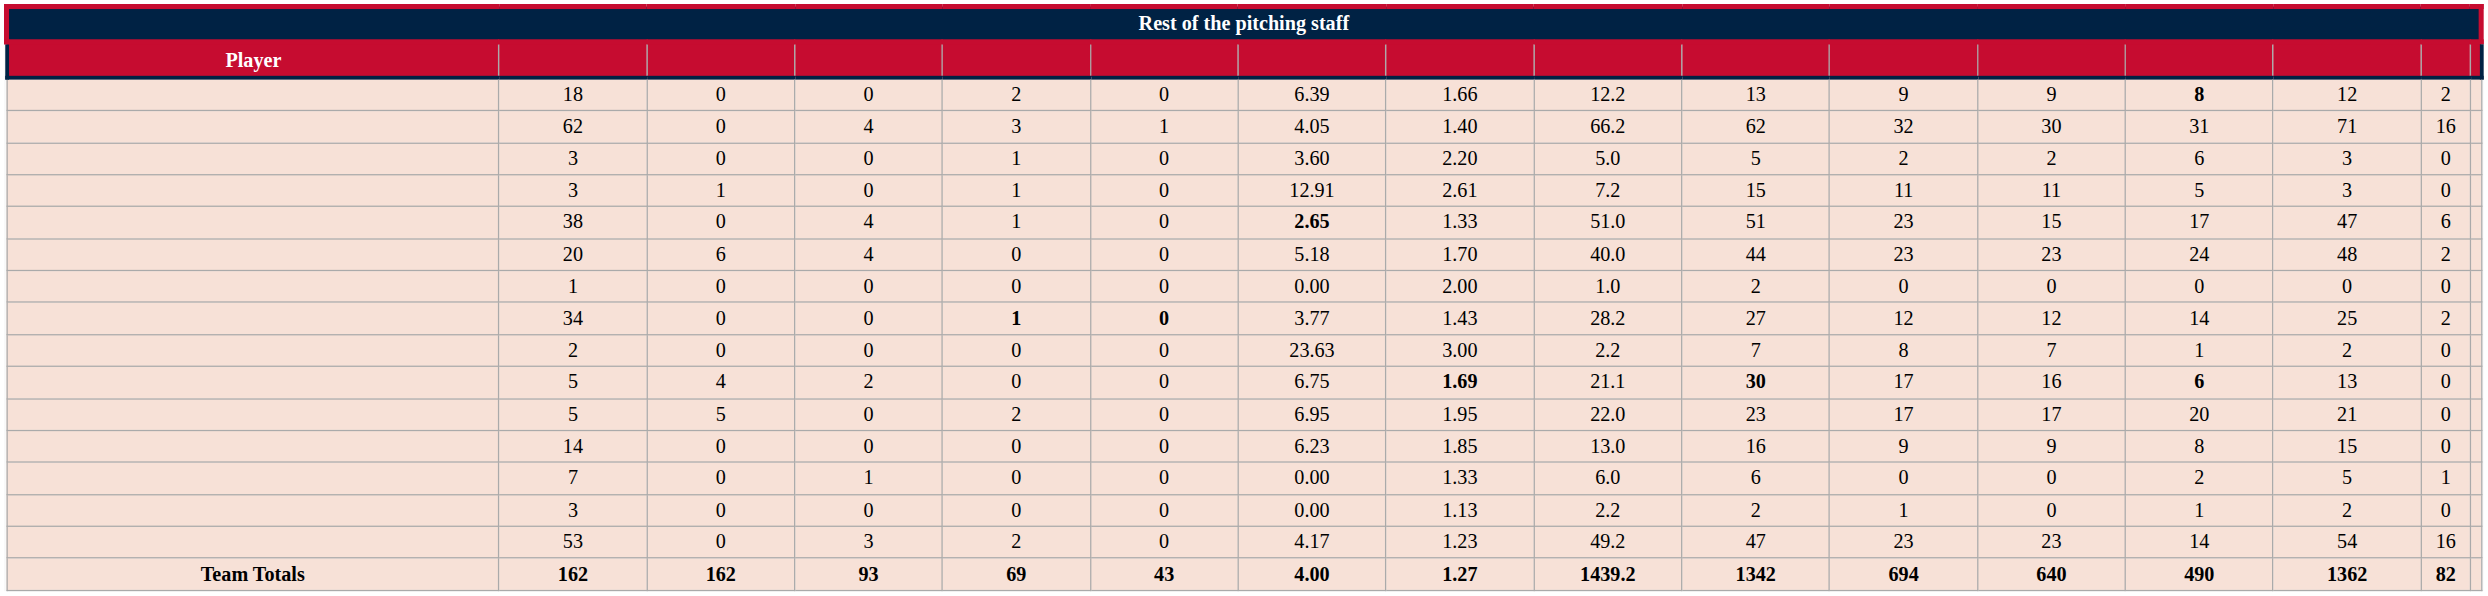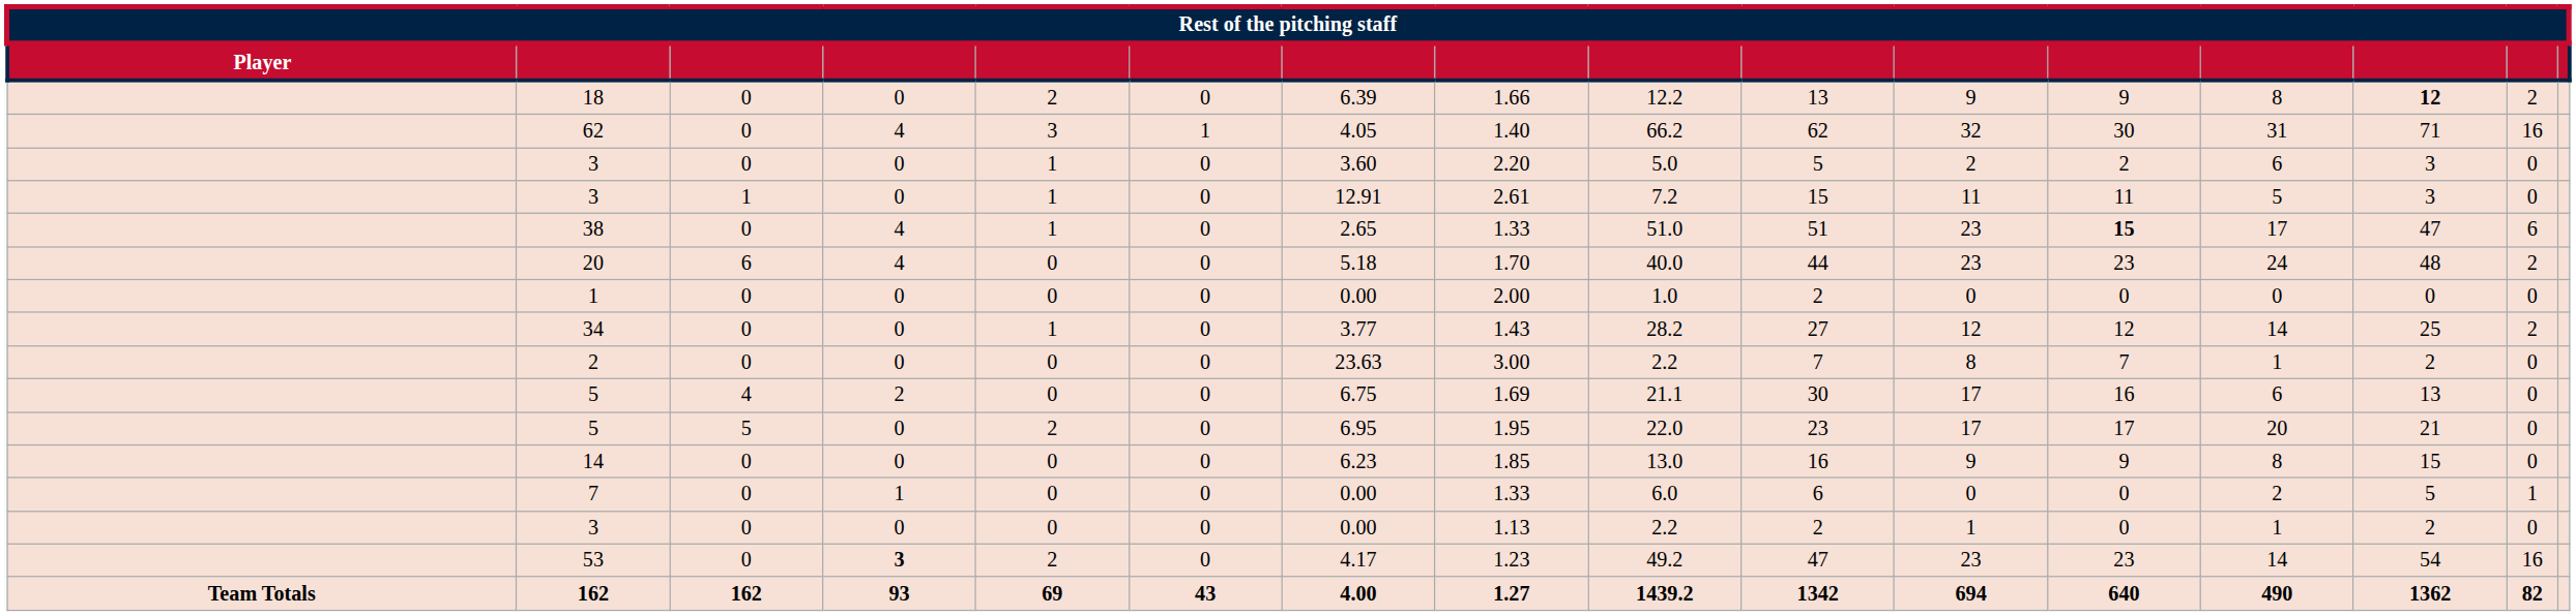 <table class="wikitable sortable mw-collapsible mw-collapsed">
 <tr>
 <th colspan=16 style="background:#024; border: 4px solid #c60c30;color:white;">Rest of the pitching staff</th>
 </tr>
 <tr>
 <th style="background:#c60c30; width:20%; color:#fff; border-top: 3px solid #024; border-bottom: 3px solid #024; border-left: 3px solid #024;">Player</th>
 <th style="background:#c60c30; width:6%; color:#fff; border-top: 3px solid #024; border-bottom: 3px solid #024;"></th>
 <th style="background:#c60c30; width:6%; color:#fff; border-top: 3px solid #024; border-bottom: 3px solid #024;"></th>
 <th style="background:#c60c30; width:6%; color:#fff; border-top: 3px solid #024; border-bottom: 3px solid #024;"></th>
 <th style="background:#c60c30; width:6%; color:#fff; border-top: 3px solid #024; border-bottom: 3px solid #024;"></th>
 <th style="background:#c60c30; width:6%; color:#fff; border-top: 3px solid #024; border-bottom: 3px solid #024;"></th>
 <th style="background:#c60c30; width:6%; color:#fff; border-top: 3px solid #024; border-bottom: 3px solid #024;"></th>
 <th style="background:#c60c30; width:6%; color:#fff; border-top: 3px solid #024; border-bottom: 3px solid #024;"></th>
 <th style="background:#c60c30; width:6%; color:#fff; border-top: 3px solid #024; border-bottom: 3px solid #024;"></th>
 <th style="background:#c60c30; width:6%; color:#fff; border-top: 3px solid #024; border-bottom: 3px solid #024;"></th>
 <th style="background:#c60c30; width:6%; color:#fff; border-top: 3px solid #024; border-bottom: 3px solid #024;"></th>
 <th style="background:#c60c30; width:6%; color:#fff; border-top: 3px solid #024; border-bottom: 3px solid #024;"></th>
 <th style="background:#c60c30; width:6%; color:#fff; border-top: 3px solid #024; border-bottom: 3px solid #024;"></th>
 <th style="background:#c60c30; width:6%; color:#fff; border-top: 3px solid #024; border-bottom: 3px solid #024;"></th>
 <th style="background:#c60c30; width:6%; color:#fff; border-top: 3px solid #024; border-bottom: 3px solid #024;"></th>
 <th style="background:#c60c30; width:6%; color:#fff; border-top: 3px solid #024; border-bottom: 3px solid #024; border-right: 3px solid #024;"></th>
 </tr>
 <tr style="text-align:center; background:#f7e1d7;">
 <td></td>
 <td>18</td>
 <td>0</td>
 <td>0</td>
 <td>2</td>
 <td>0</td>
 <td>6.39</td>
 <td>1.66</td>
 <td>12.2</td>
 <td>13</td>
 <td>9</td>
 <td>9</td>
-<td><strong>8</strong></td>
-<td>12</td>
+<td>8</td>
+<td><strong>12</strong></td>
 <td>2</td>
 <td></td>
 </tr>
 <tr style="text-align:center; background:#f7e1d7;">
 <td></td>
 <td>62</td>
 <td>0</td>
 <td>4</td>
 <td>3</td>
 <td>1</td>
 <td>4.05</td>
 <td>1.40</td>
 <td>66.2</td>
 <td>62</td>
 <td>32</td>
 <td>30</td>
 <td>31</td>
 <td>71</td>
 <td>16</td>
 <td></td>
 </tr>
 <tr style="text-align:center; background:#f7e1d7;">
 <td></td>
 <td>3</td>
 <td>0</td>
 <td>0</td>
 <td>1</td>
 <td>0</td>
 <td>3.60</td>
 <td>2.20</td>
 <td>5.0</td>
 <td>5</td>
 <td>2</td>
 <td>2</td>
 <td>6</td>
 <td>3</td>
 <td>0</td>
 <td></td>
 </tr>
 <tr style="text-align:center; background:#f7e1d7;">
 <td></td>
 <td>3</td>
 <td>1</td>
 <td>0</td>
 <td>1</td>
 <td>0</td>
 <td>12.91</td>
 <td>2.61</td>
 <td>7.2</td>
 <td>15</td>
 <td>11</td>
 <td>11</td>
 <td>5</td>
 <td>3</td>
 <td>0</td>
 <td></td>
 </tr>
 <tr style="text-align:center; background:#f7e1d7;">
 <td></td>
 <td>38</td>
 <td>0</td>
 <td>4</td>
 <td>1</td>
 <td>0</td>
-<td><strong>2.65</strong></td>
+<td>2.65</td>
 <td>1.33</td>
 <td>51.0</td>
 <td>51</td>
 <td>23</td>
-<td>15</td>
+<td><strong>15</strong></td>
 <td>17</td>
 <td>47</td>
 <td>6</td>
 <td></td>
 </tr>
 <tr style="text-align:center; background:#f7e1d7;">
 <td></td>
 <td>20</td>
 <td>6</td>
 <td>4</td>
 <td>0</td>
 <td>0</td>
 <td>5.18</td>
 <td>1.70</td>
 <td>40.0</td>
 <td>44</td>
 <td>23</td>
 <td>23</td>
 <td>24</td>
 <td>48</td>
 <td>2</td>
 <td></td>
 </tr>
 <tr style="text-align:center; background:#f7e1d7;">
 <td></td>
 <td>1</td>
 <td>0</td>
 <td>0</td>
 <td>0</td>
 <td>0</td>
 <td>0.00</td>
 <td>2.00</td>
 <td>1.0</td>
 <td>2</td>
 <td>0</td>
 <td>0</td>
 <td>0</td>
 <td>0</td>
 <td>0</td>
 <td></td>
 </tr>
 <tr style="text-align:center; background:#f7e1d7;">
 <td></td>
 <td>34</td>
 <td>0</td>
 <td>0</td>
-<td><strong>1</strong></td>
-<td><strong>0</strong></td>
+<td>1</td>
+<td>0</td>
 <td>3.77</td>
 <td>1.43</td>
 <td>28.2</td>
 <td>27</td>
 <td>12</td>
 <td>12</td>
 <td>14</td>
 <td>25</td>
 <td>2</td>
 <td></td>
 </tr>
 <tr style="text-align:center; background:#f7e1d7;">
 <td></td>
 <td>2</td>
 <td>0</td>
 <td>0</td>
 <td>0</td>
 <td>0</td>
 <td>23.63</td>
 <td>3.00</td>
 <td>2.2</td>
 <td>7</td>
 <td>8</td>
 <td>7</td>
 <td>1</td>
 <td>2</td>
 <td>0</td>
 <td></td>
 </tr>
 <tr style="text-align:center; background:#f7e1d7;">
 <td></td>
 <td>5</td>
 <td>4</td>
 <td>2</td>
 <td>0</td>
 <td>0</td>
 <td>6.75</td>
-<td><strong>1.69</strong></td>
+<td>1.69</td>
 <td>21.1</td>
-<td><strong>30</strong></td>
+<td>30</td>
 <td>17</td>
 <td>16</td>
-<td><strong>6</strong></td>
+<td>6</td>
 <td>13</td>
 <td>0</td>
 <td></td>
 </tr>
 <tr style="text-align:center; background:#f7e1d7;">
 <td></td>
 <td>5</td>
 <td>5</td>
 <td>0</td>
 <td>2</td>
 <td>0</td>
 <td>6.95</td>
 <td>1.95</td>
 <td>22.0</td>
 <td>23</td>
 <td>17</td>
 <td>17</td>
 <td>20</td>
 <td>21</td>
 <td>0</td>
 <td></td>
 </tr>
 <tr style="text-align:center; background:#f7e1d7;">
 <td></td>
 <td>14</td>
 <td>0</td>
 <td>0</td>
 <td>0</td>
 <td>0</td>
 <td>6.23</td>
 <td>1.85</td>
 <td>13.0</td>
 <td>16</td>
 <td>9</td>
 <td>9</td>
 <td>8</td>
 <td>15</td>
 <td>0</td>
 <td></td>
 </tr>
 <tr style="text-align:center; background:#f7e1d7;">
 <td></td>
 <td>7</td>
 <td>0</td>
 <td>1</td>
 <td>0</td>
 <td>0</td>
 <td>0.00</td>
 <td>1.33</td>
 <td>6.0</td>
 <td>6</td>
 <td>0</td>
 <td>0</td>
 <td>2</td>
 <td>5</td>
 <td>1</td>
 <td></td>
 </tr>
 <tr style="text-align:center; background:#f7e1d7;">
 <td></td>
 <td>3</td>
 <td>0</td>
 <td>0</td>
 <td>0</td>
 <td>0</td>
 <td>0.00</td>
 <td>1.13</td>
 <td>2.2</td>
 <td>2</td>
 <td>1</td>
 <td>0</td>
 <td>1</td>
 <td>2</td>
 <td>0</td>
 <td></td>
 </tr>
 <tr style="text-align:center; background:#f7e1d7;">
 <td></td>
 <td>53</td>
 <td>0</td>
-<td>3</td>
+<td><strong>3</strong></td>
 <td>2</td>
 <td>0</td>
 <td>4.17</td>
 <td>1.23</td>
 <td>49.2</td>
 <td>47</td>
 <td>23</td>
 <td>23</td>
 <td>14</td>
 <td>54</td>
 <td>16</td>
 <td></td>
 </tr>
 <tr style="text-align:center; background:#f7e1d7;">
 <td><strong>Team Totals</strong></td>
 <td><strong>162</strong></td>
 <td><strong>162</strong></td>
 <td><strong>93</strong></td>
 <td><strong>69</strong></td>
 <td><strong>43</strong></td>
 <td><strong>4.00</strong></td>
 <td><strong>1.27</strong></td>
 <td><strong>1439.2</strong></td>
 <td><strong>1342</strong></td>
 <td><strong>694</strong></td>
 <td><strong>640</strong></td>
 <td><strong>490</strong></td>
 <td><strong>1362</strong></td>
 <td><strong>82</strong></td>
 <td></td>
 </tr>
 </table>
